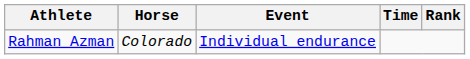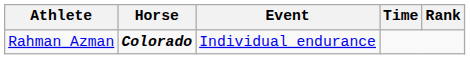 <table class="wikitable" style="text-align:center; font-size:90%;">
 <tr>
 <th>Athlete</th>
 <th>Horse</th>
 <th>Event</th>
 <th>Time</th>
 <th>Rank</th>
 </tr>
 <tr>
 <td align=left><a href='#'>Rahman Azman</a></td>
-<td align=left><em>Colorado</em></td>
+<td align=left><strong><em>Colorado</em></strong></td>
 <td align=left><a href='#'>Individual endurance</a></td>
 <td colspan=2></td>
 </tr>
 </table>
